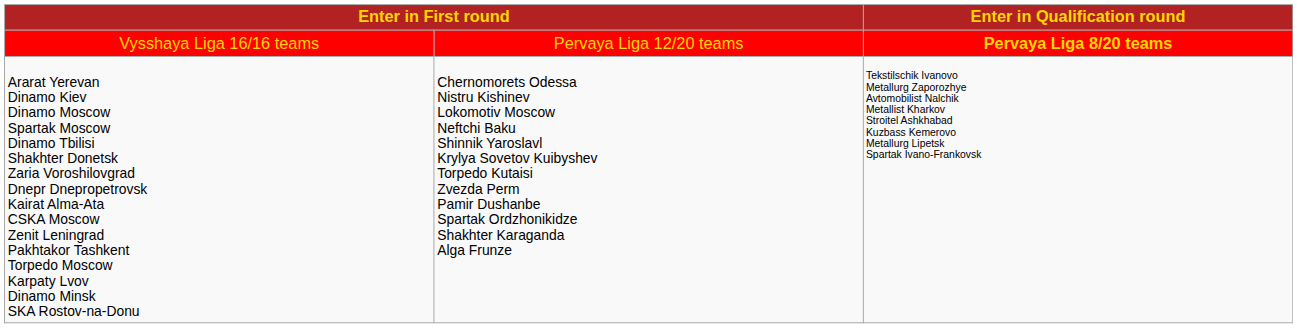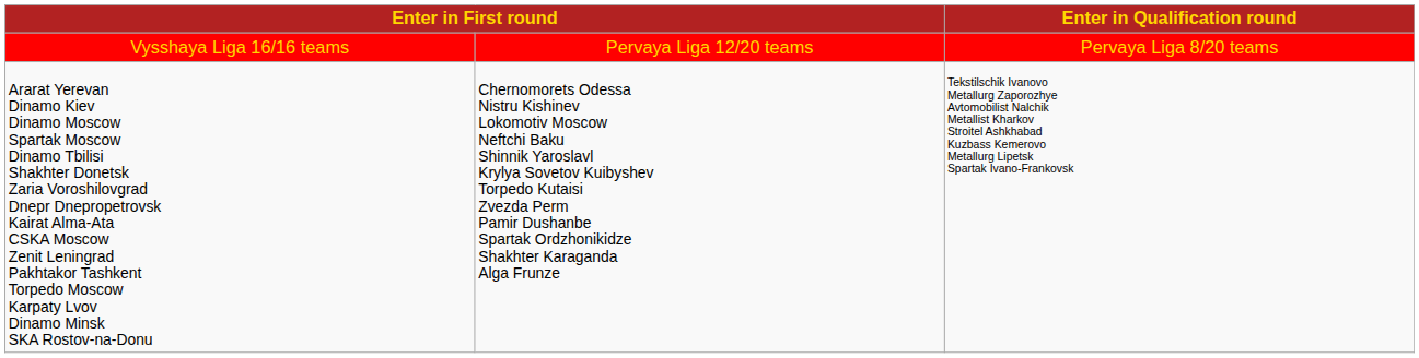 <table class="wikitable" style="width:100%;">
 <tr style="background:Firebrick; text-align:center;">
 <td style="width:67%; color:Gold" colspan="2"><strong>Enter in First round</strong></td>
 <td style="width:33%; color:Gold" colspan="1"><strong>Enter in Qualification round</strong></td>
 </tr>
 <tr style="background:Red;">
 <td style="text-align:center; width:33%; color:Gold" colspan=1>Vysshaya Liga 16/16 teams</td>
 <td style="text-align:center; width:33%; color:Gold" colspan=1>Pervaya Liga 12/20 teams</td>
-<td style="text-align:center; width:33%; color:Gold" colspan=1><strong>Pervaya Liga 8/20 teams</strong></td>
+<td style="text-align:center; width:33%; color:Gold" colspan=1>Pervaya Liga 8/20 teams</td>
 </tr>
 <tr style="vertical-align:top; font-size:85%;">
 <td><br> Ararat Yerevan<br>  Dinamo Kiev<br>  Dinamo Moscow<br>  Spartak Moscow<br>  Dinamo Tbilisi<br>  Shakhter Donetsk<br>  Zaria Voroshilovgrad<br>  Dnepr Dnepropetrovsk<br>  Kairat Alma-Ata<br>  CSKA Moscow<br>  Zenit Leningrad<br>  Pakhtakor Tashkent<br>  Torpedo Moscow<br>  Karpaty Lvov<br>  Dinamo Minsk<br>  SKA Rostov-na-Donu<br></td>
 <td><br> Chernomorets Odessa<br>  Nistru Kishinev<br>  Lokomotiv Moscow<br>  Neftchi Baku<br>  Shinnik Yaroslavl<br>  Krylya Sovetov Kuibyshev<br>  Torpedo Kutaisi<br>  Zvezda Perm<br>  Pamir Dushanbe<br>  Spartak Ordzhonikidze<br>  Shakhter Karaganda<br>  Alga Frunze<br></td>
 <td style="font-size:75%;"><br> Tekstilschik Ivanovo<br>  Metallurg Zaporozhye<br>  Avtomobilist Nalchik<br>  Metallist Kharkov<br>  Stroitel Ashkhabad<br>  Kuzbass Kemerovo<br>  Metallurg Lipetsk<br>  Spartak Ivano-Frankovsk<br></td>
 </tr>
 </table>
